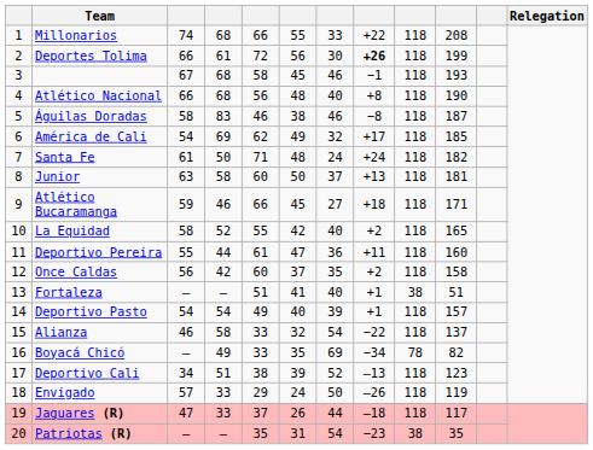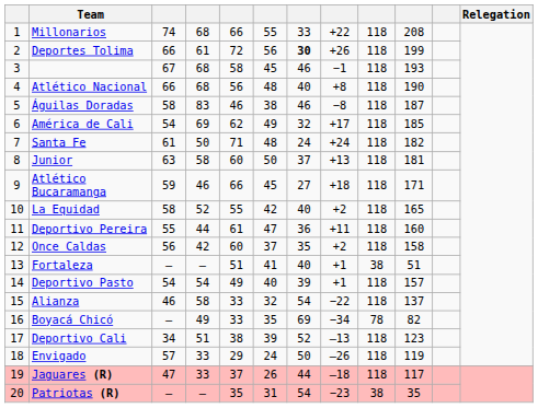 <table class="wikitable" style="text-align: center;">
 <tr>
 <th width=28></th>
 <th width=185>Team</th>
 <th width=50></th>
 <th width=50></th>
 <th width=50></th>
 <th width=50></th>
 <th width=50></th>
 <th width=50></th>
 <th width=50></th>
 <th width=50></th>
 <th width=50></th>
 <th>Relegation</th>
 </tr>
 <tr>
 <td>1</td>
 <td align="left"><a href='#'>Millonarios</a></td>
 <td>74</td>
 <td>68</td>
 <td>66</td>
 <td>55</td>
 <td>33</td>
 <td>+22</td>
 <td>118</td>
 <td>208</td>
 <td><strong></strong></td>
 <td rowspan=18></td>
 </tr>
 <tr>
 <td>2</td>
 <td align="left"><a href='#'>Deportes Tolima</a></td>
 <td>66</td>
 <td>61</td>
 <td>72</td>
 <td>56</td>
-<td>30</td>
-<td><strong>+26</strong></td>
+<td><strong>30</strong></td>
+<td>+26</td>
 <td>118</td>
 <td>199</td>
 <td><strong></strong></td>
 </tr>
 <tr>
 <td>3</td>
 <td align="left"></td>
 <td>67</td>
 <td>68</td>
 <td>58</td>
 <td>45</td>
 <td>46</td>
 <td>−1</td>
 <td>118</td>
 <td>193</td>
 <td><strong></strong></td>
 </tr>
 <tr>
 <td>4</td>
 <td align="left"><a href='#'>Atlético Nacional</a></td>
 <td>66</td>
 <td>68</td>
 <td>56</td>
 <td>48</td>
 <td>40</td>
 <td>+8</td>
 <td>118</td>
 <td>190</td>
 <td><strong></strong></td>
 </tr>
 <tr>
 <td>5</td>
 <td align="left"><a href='#'>Águilas Doradas</a></td>
 <td>58</td>
 <td>83</td>
 <td>46</td>
 <td>38</td>
 <td>46</td>
 <td>−8</td>
 <td>118</td>
 <td>187</td>
 <td><strong></strong></td>
 </tr>
 <tr>
 <td>6</td>
 <td align="left"><a href='#'>América de Cali</a></td>
 <td>54</td>
 <td>69</td>
 <td>62</td>
 <td>49</td>
 <td>32</td>
 <td>+17</td>
 <td>118</td>
 <td>185</td>
 <td><strong></strong></td>
 </tr>
 <tr>
 <td>7</td>
 <td align="left"><a href='#'>Santa Fe</a></td>
 <td>61</td>
 <td>50</td>
 <td>71</td>
 <td>48</td>
 <td>24</td>
 <td>+24</td>
 <td>118</td>
 <td>182</td>
 <td><strong></strong></td>
 </tr>
 <tr>
 <td>8</td>
 <td align="left"><a href='#'>Junior</a></td>
 <td>63</td>
 <td>58</td>
 <td>60</td>
 <td>50</td>
 <td>37</td>
 <td>+13</td>
 <td>118</td>
 <td>181</td>
 <td><strong></strong></td>
 </tr>
 <tr>
 <td>9</td>
 <td align="left"><a href='#'>Atlético Bucaramanga</a></td>
 <td>59</td>
 <td>46</td>
 <td>66</td>
 <td>45</td>
 <td>27</td>
 <td>+18</td>
 <td>118</td>
 <td>171</td>
 <td><strong></strong></td>
 </tr>
 <tr>
 <td>10</td>
 <td align="left"><a href='#'>La Equidad</a></td>
 <td>58</td>
 <td>52</td>
 <td>55</td>
 <td>42</td>
 <td>40</td>
 <td>+2</td>
 <td>118</td>
 <td>165</td>
 <td><strong></strong></td>
 </tr>
 <tr>
 <td>11</td>
 <td align="left"><a href='#'>Deportivo Pereira</a></td>
 <td>55</td>
 <td>44</td>
 <td>61</td>
 <td>47</td>
 <td>36</td>
 <td>+11</td>
 <td>118</td>
 <td>160</td>
 <td><strong></strong></td>
 </tr>
 <tr>
 <td>12</td>
 <td align="left"><a href='#'>Once Caldas</a></td>
 <td>56</td>
 <td>42</td>
 <td>60</td>
 <td>37</td>
 <td>35</td>
 <td>+2</td>
 <td>118</td>
 <td>158</td>
 <td><strong></strong></td>
 </tr>
 <tr>
 <td>13</td>
 <td align="left"><a href='#'>Fortaleza</a></td>
 <td>—</td>
 <td>—</td>
 <td>51</td>
 <td>41</td>
 <td>40</td>
 <td>+1</td>
 <td>38</td>
 <td>51</td>
 <td><strong></strong></td>
 </tr>
 <tr>
 <td>14</td>
 <td align="left"><a href='#'>Deportivo Pasto</a></td>
 <td>54</td>
 <td>54</td>
 <td>49</td>
 <td>40</td>
 <td>39</td>
 <td>+1</td>
 <td>118</td>
 <td>157</td>
 <td><strong></strong></td>
 </tr>
 <tr>
 <td>15</td>
 <td align="left"><a href='#'>Alianza</a></td>
 <td>46</td>
 <td>58</td>
 <td>33</td>
 <td>32</td>
 <td>54</td>
 <td>−22</td>
 <td>118</td>
 <td>137</td>
 <td><strong></strong></td>
 </tr>
 <tr>
 <td>16</td>
 <td align="left"><a href='#'>Boyacá Chicó</a></td>
 <td>—</td>
 <td>49</td>
 <td>33</td>
 <td>35</td>
 <td>69</td>
 <td>−34</td>
 <td>78</td>
 <td>82</td>
 <td><strong></strong></td>
 </tr>
 <tr>
 <td>17</td>
 <td align="left"><a href='#'>Deportivo Cali</a></td>
 <td>34</td>
 <td>51</td>
 <td>38</td>
 <td>39</td>
 <td>52</td>
 <td>–13</td>
 <td>118</td>
 <td>123</td>
 <td><strong></strong></td>
 </tr>
 <tr>
 <td>18</td>
 <td align="left"><a href='#'>Envigado</a></td>
 <td>57</td>
 <td>33</td>
 <td>29</td>
 <td>24</td>
 <td>50</td>
 <td>–26</td>
 <td>118</td>
 <td>119</td>
 <td><strong></strong></td>
 </tr>
 <tr bgcolor=#FFBBBB>
 <td>19</td>
 <td align="left"><a href='#'>Jaguares</a> <strong>(R)</strong></td>
 <td>47</td>
 <td>33</td>
 <td>37</td>
 <td>26</td>
 <td>44</td>
 <td>–18</td>
 <td>118</td>
 <td>117</td>
 <td><strong></strong></td>
 <td rowspan=2></td>
 </tr>
 <tr bgcolor=#FFBBBB>
 <td>20</td>
 <td align="left"><a href='#'>Patriotas</a> <strong>(R)</strong></td>
 <td>—</td>
 <td>—</td>
 <td>35</td>
 <td>31</td>
 <td>54</td>
 <td>−23</td>
 <td>38</td>
 <td>35</td>
 <td><strong></strong></td>
 </tr>
 </table>
